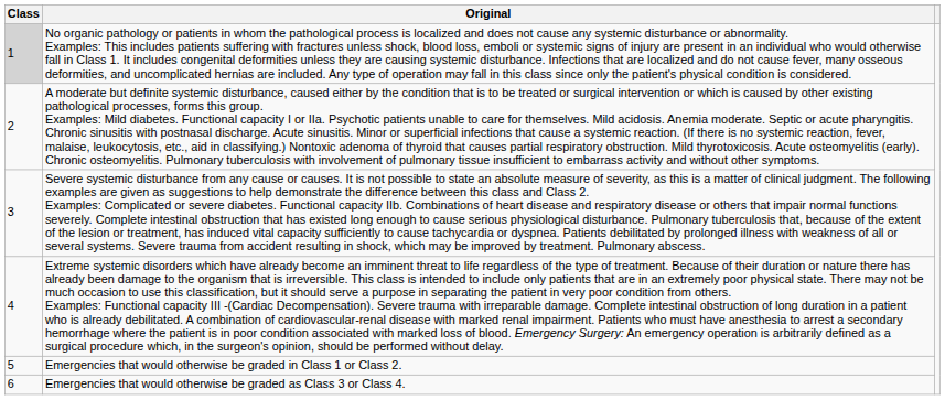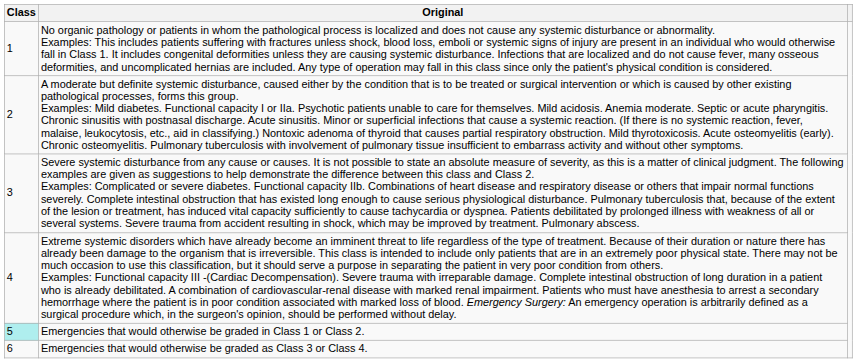 <table class="wikitable">
 <tr>
 <th>Class</th>
 <th>Original</th>
 <th></th>
 </tr>
 <tr>
-<td style="background: lightgrey;">1</td>
+<td>1</td>
 <td>No organic pathology or patients in whom the pathological process is localized and does not cause any systemic disturbance or abnormality.<br>Examples: This includes patients suffering with fractures unless shock, blood loss, emboli or systemic signs of injury are present in an individual who would otherwise fall in Class 1. It includes congenital deformities unless they are causing systemic disturbance. Infections that are localized and do not cause fever, many osseous deformities, and uncomplicated hernias are included. Any type of operation may fall in this class since only the patient's physical condition is considered.</td>
 </tr>
 <tr>
 <td>2</td>
 <td>A moderate but definite systemic disturbance, caused either by the condition that is to be treated or surgical intervention or which is caused by other existing pathological processes, forms this group.<br>Examples: Mild diabetes.  Functional capacity I or IIa. Psychotic patients unable to care for themselves.  Mild acidosis.  Anemia moderate.  Septic or acute pharyngitis.  Chronic sinusitis with postnasal discharge.  Acute sinusitis.  Minor or superficial infections that cause a systemic reaction. (If there is no systemic reaction, fever, malaise, leukocytosis, etc., aid in classifying.)  Nontoxic adenoma of thyroid that causes partial respiratory obstruction.  Mild thyrotoxicosis.  Acute osteomyelitis (early).  Chronic osteomyelitis.  Pulmonary tuberculosis with involvement of pulmonary tissue insufficient to embarrass activity and without other symptoms.</td>
 </tr>
 <tr>
 <td>3</td>
 <td>Severe systemic disturbance from any cause or causes. It is not possible to state an absolute measure of severity, as this is a matter of clinical judgment. The following examples are given as suggestions to help demonstrate the difference between this class and Class 2.<br>Examples:  Complicated or severe diabetes. Functional capacity IIb. Combinations of heart disease and respiratory disease or others that impair normal functions severely. Complete intestinal obstruction that has existed long enough to cause serious physiological disturbance. Pulmonary tuberculosis that, because of the extent of the lesion or treatment, has induced vital capacity sufficiently to cause tachycardia or dyspnea. Patients debilitated by prolonged illness with weakness of all or several systems. Severe trauma from accident resulting in shock, which may be improved by treatment. Pulmonary abscess.</td>
 </tr>
 <tr>
 <td>4</td>
 <td>Extreme systemic disorders which have already become an imminent threat to life regardless of the type of treatment. Because of their duration or nature there has already been damage to the organism that is irreversible. This class is intended to include only patients that are in an extremely poor physical state. There may not be much occasion to use this classification, but it should serve a purpose in separating the patient in very poor condition from others.<br>Examples: Functional capacity III -(Cardiac Decompensation). Severe trauma with irreparable damage. Complete intestinal obstruction of long duration in a patient who is already debilitated. A combination of cardiovascular-renal disease with marked renal impairment. Patients who must have anesthesia to arrest a secondary hemorrhage where the patient is in poor condition associated with marked loss of blood. <em>Emergency Surgery:</em> An emergency operation is arbitrarily defined as a surgical procedure which, in the surgeon's opinion, should be performed without delay.</td>
 </tr>
 <tr>
-<td>5</td>
+<td style="background: paleturquoise;">5</td>
 <td>Emergencies that would otherwise be graded in Class 1 or Class 2.</td>
 </tr>
 <tr>
 <td>6</td>
 <td>Emergencies that would otherwise be graded as Class 3 or Class 4.</td>
 </tr>
 </table>
